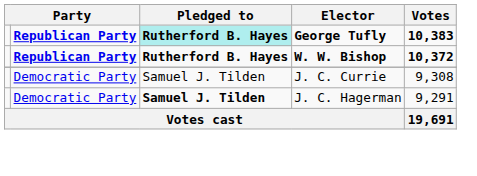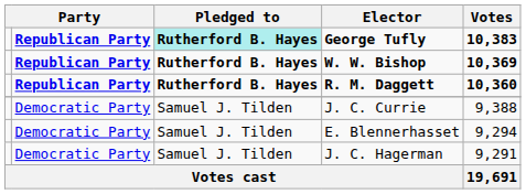 <table class="wikitable">
 <tr>
 <th colspan=2>Party</th>
 <th>Pledged to</th>
 <th>Elector</th>
 <th>Votes</th>
 </tr>
 <tr style="font-weight:bold">
 <td></td>
 <td><a href='#'>Republican Party</a></td>
 <td style="background: paleturquoise;">Rutherford B. Hayes</td>
 <td>George Tufly</td>
 <td align="right">10,383</td>
 </tr>
 <tr style="font-weight:bold">
 <td></td>
 <td><a href='#'>Republican Party</a></td>
 <td>Rutherford B. Hayes</td>
 <td>W. W. Bishop</td>
-<td align="right">10,372</td>
+<td align="right">10,369</td>
+</tr>
+<tr style="font-weight:bold">
+<td></td>
+<td><a href='#'>Republican Party</a></td>
+<td>Rutherford B. Hayes</td>
+<td>R. M. Daggett</td>
+<td align="right">10,360</td>
 </tr>
 <tr style="font-weight:bold">
 </tr>
 <tr>
 <td></td>
 <td><a href='#'>Democratic Party</a></td>
 <td>Samuel J. Tilden</td>
 <td>J. C. Currie</td>
-<td align="right">9,308</td>
+<td align="right">9,388</td>
 </tr>
 <tr>
 <td></td>
 <td><a href='#'>Democratic Party</a></td>
-<td><strong>Samuel J. Tilden</strong></td>
+<td>Samuel J. Tilden</td>
+<td>E. Blennerhasset</td>
+<td align="right">9,294</td>
+</tr>
+<tr>
+<td></td>
+<td><a href='#'>Democratic Party</a></td>
+<td>Samuel J. Tilden</td>
 <td>J. C. Hagerman</td>
 <td align="right">9,291</td>
 </tr>
 <tr>
 <th colspan="4">Votes cast</th>
 <th>19,691</th>
 </tr>
 </table>
